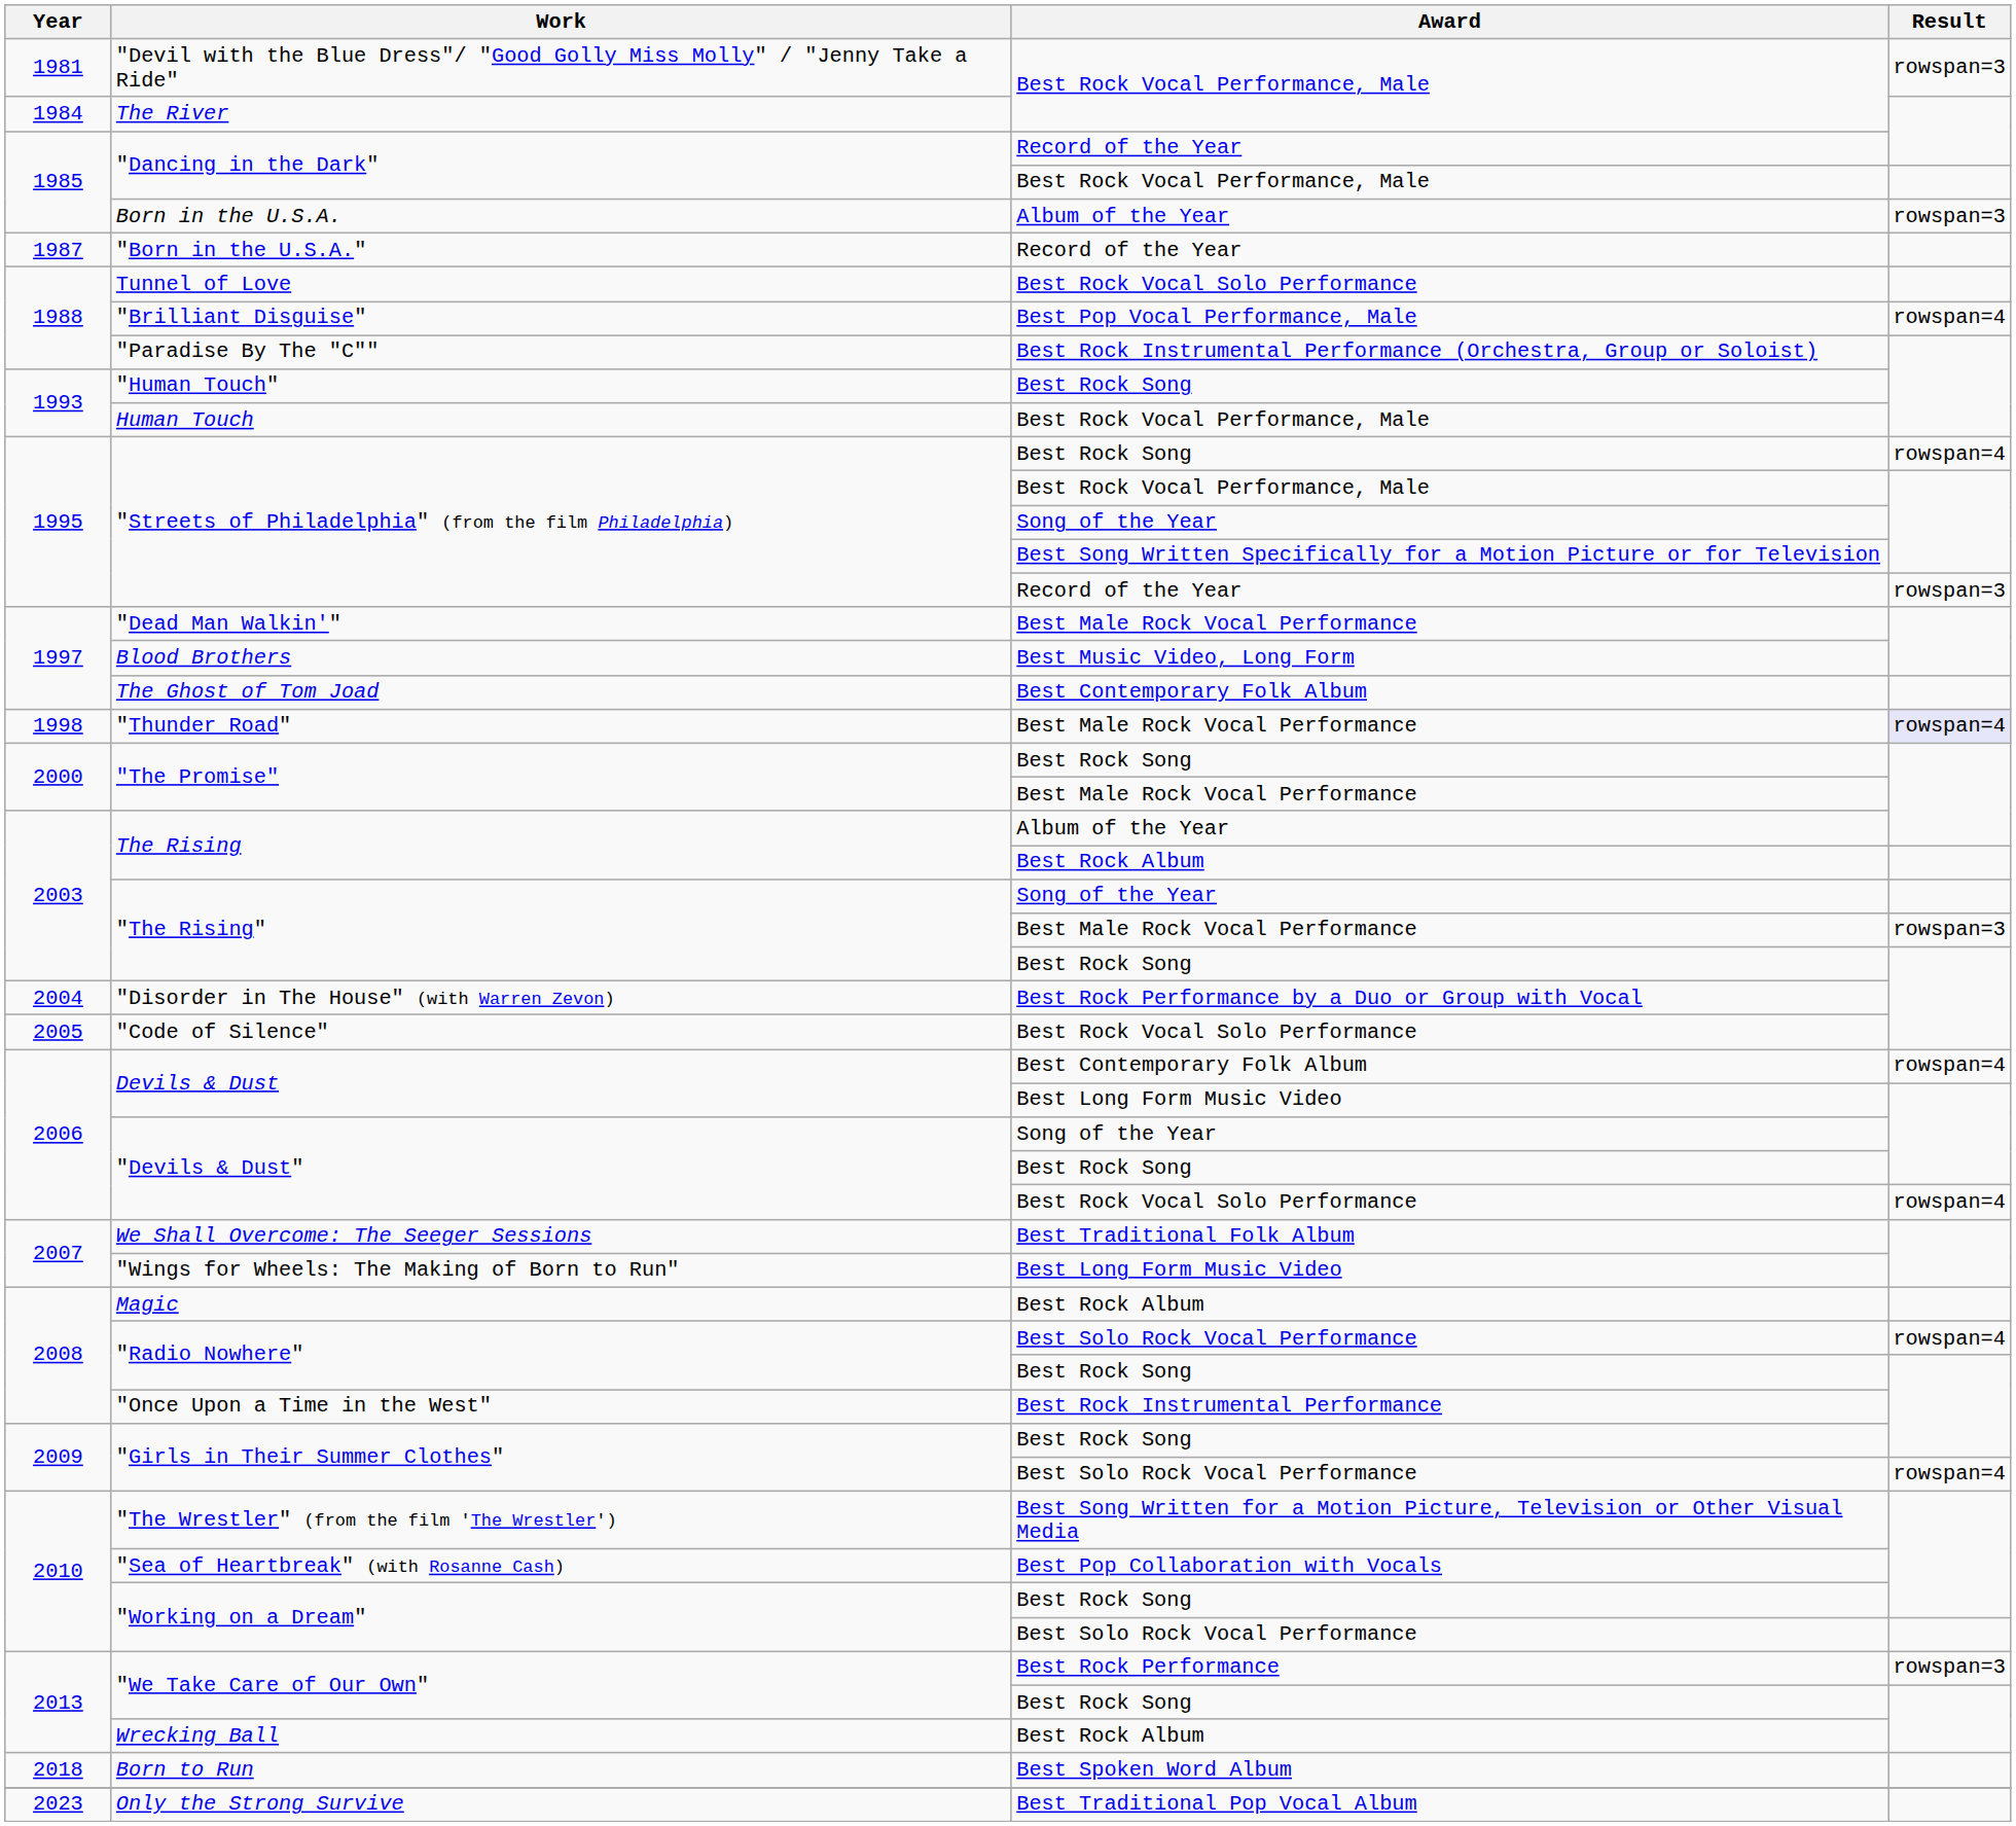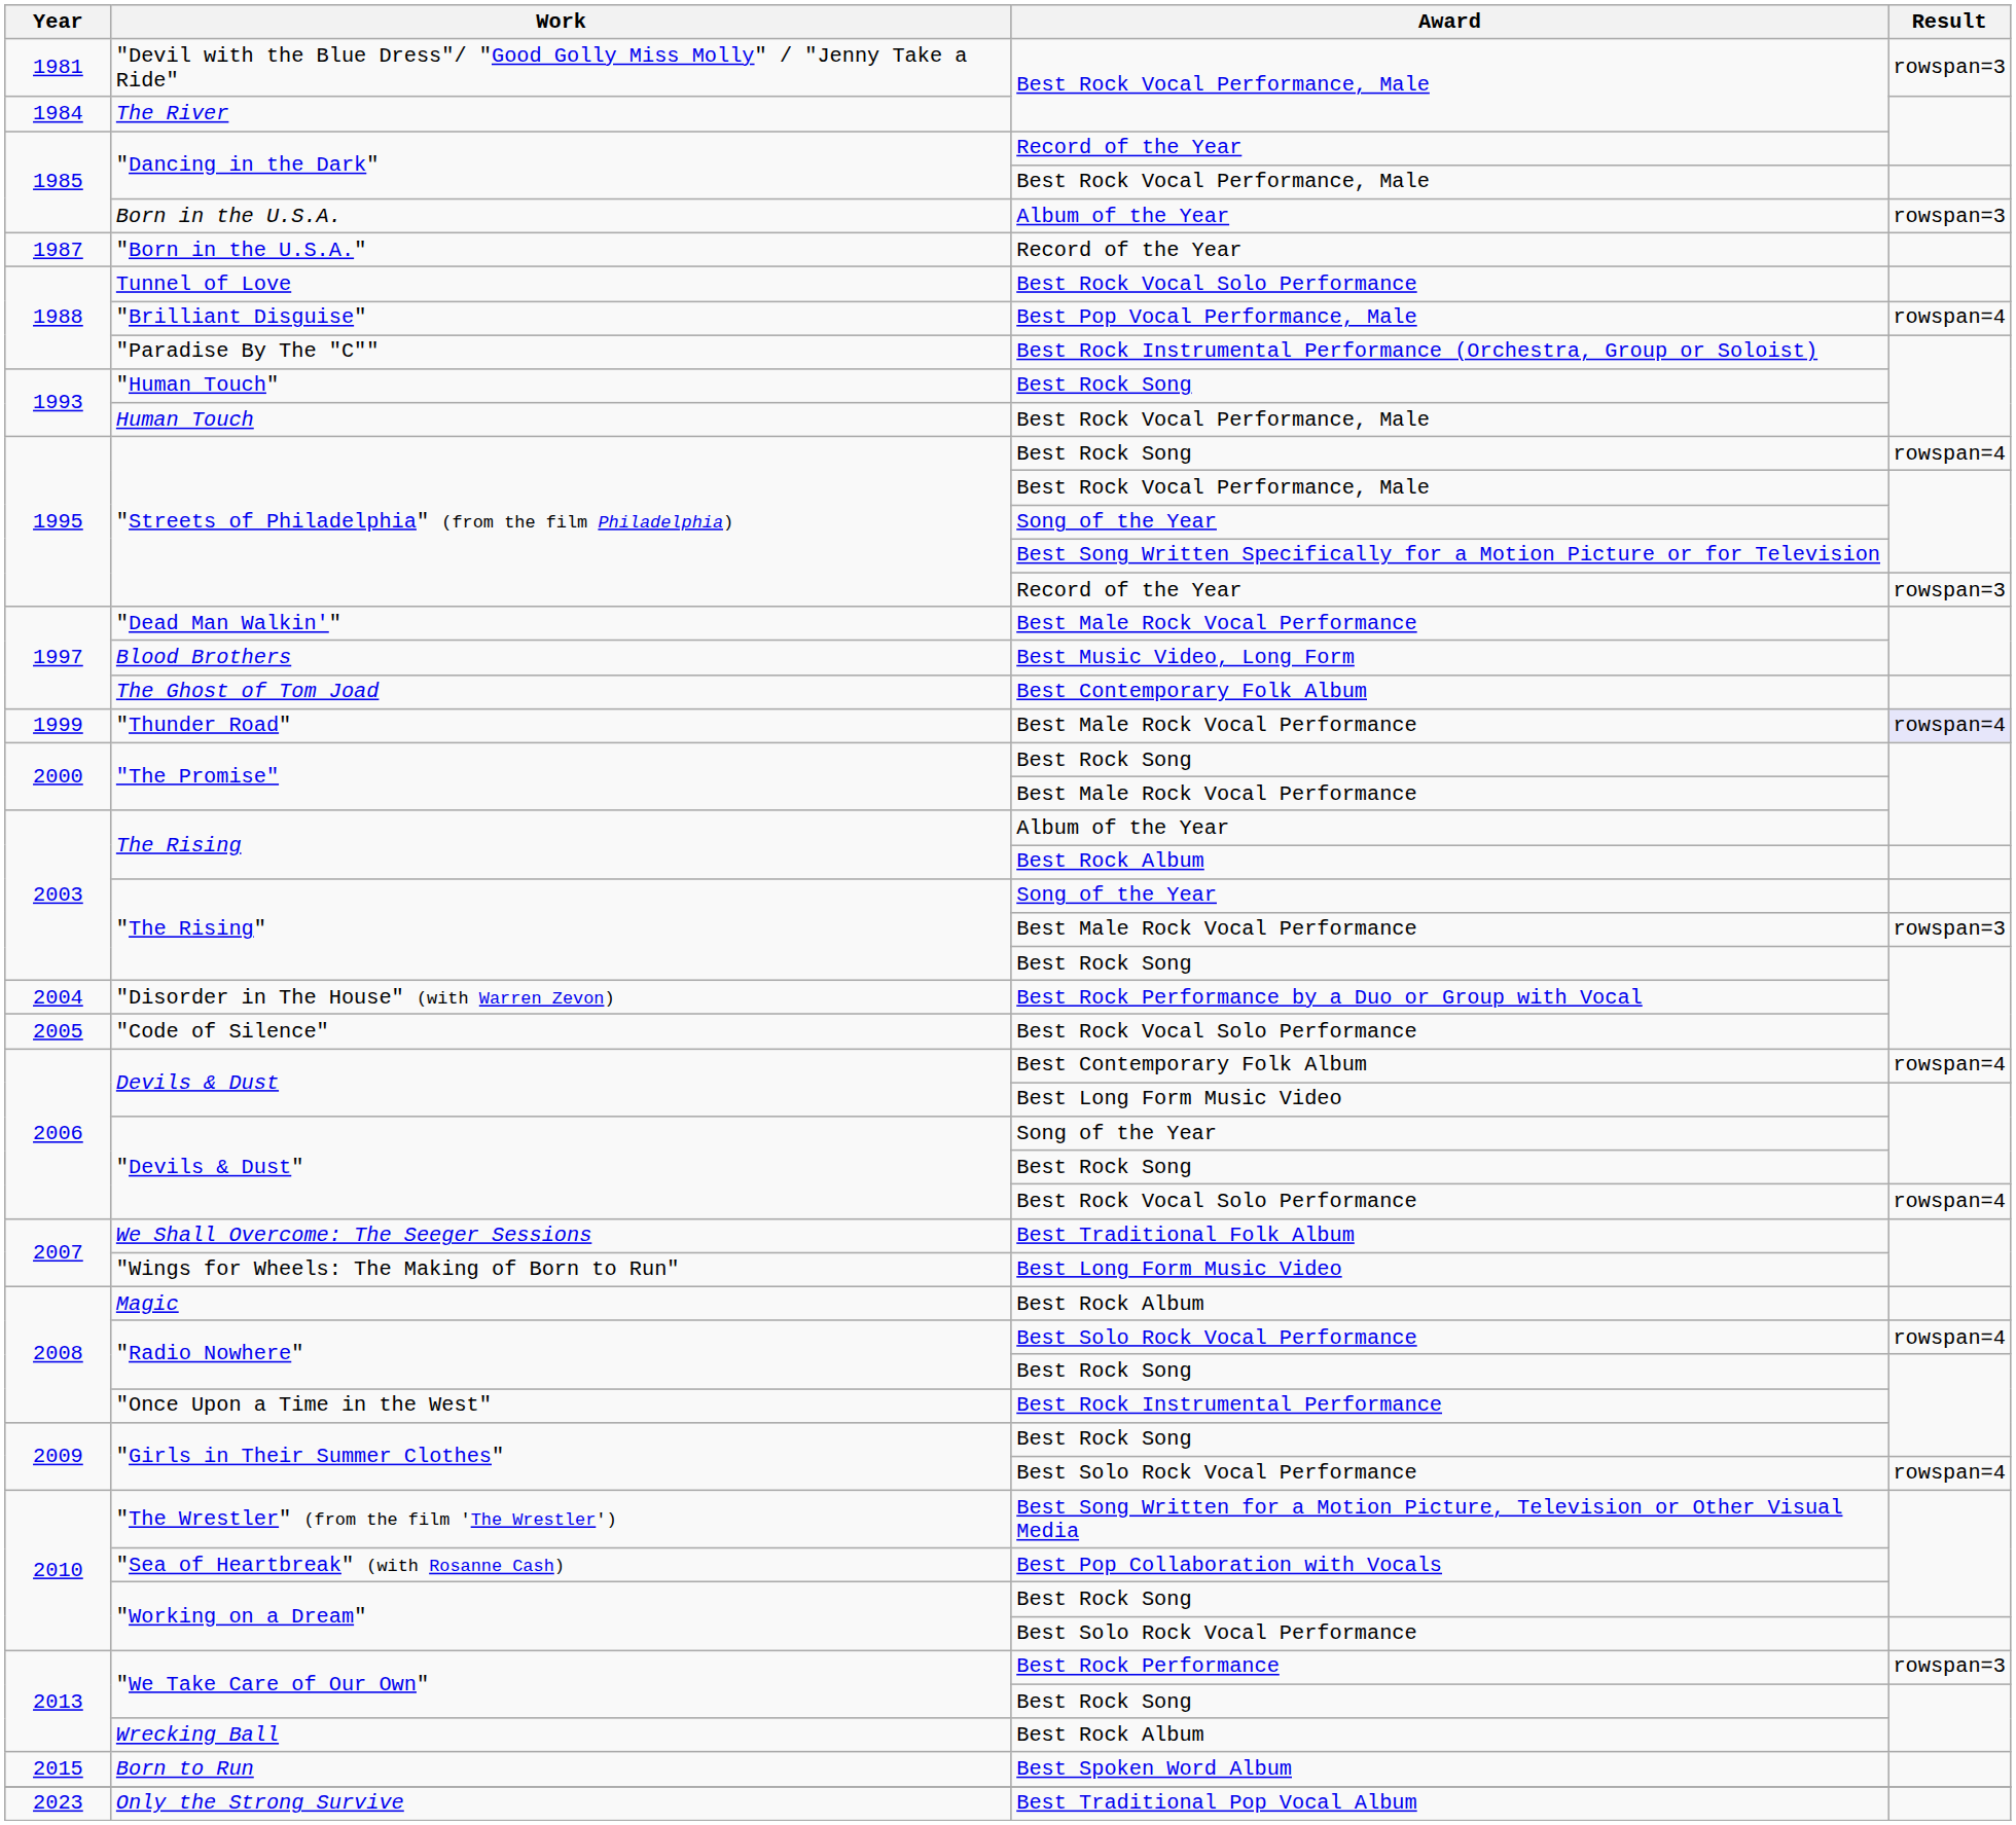 <table class="wikitable">
 <tr>
 <th style="width:60px;">Year</th>
 <th>Work</th>
 <th>Award</th>
 <th>Result</th>
 </tr>
 <tr>
 <td style="text-align:center;"><a href='#'>1981</a></td>
 <td>"Devil with the Blue Dress"/ "<a href='#'>Good Golly Miss Molly</a>" / "Jenny Take a Ride"</td>
 <td rowspan=2><a href='#'>Best Rock Vocal Performance, Male</a></td>
 <td>rowspan=3 </td>
 </tr>
 <tr>
 <td style="text-align:center;"><a href='#'>1984</a></td>
 <td><em><a href='#'>The River</a></em></td>
 </tr>
 <tr>
 <td style="text-align:center;" rowspan="3"><a href='#'>1985</a></td>
 <td rowspan=2>"<a href='#'>Dancing in the Dark</a>"</td>
 <td><a href='#'>Record of the Year</a></td>
 </tr>
 <tr>
 <td>Best Rock Vocal Performance, Male</td>
 <td></td>
 </tr>
 <tr>
 <td><em>Born in the U.S.A.</em></td>
 <td><a href='#'>Album of the Year</a></td>
 <td>rowspan=3 </td>
 </tr>
 <tr>
 <td style="text-align:center;"><a href='#'>1987</a></td>
 <td>"<a href='#'>Born in the U.S.A.</a>"</td>
 <td>Record of the Year</td>
 </tr>
 <tr>
 <td style="text-align:center;" rowspan="3"><a href='#'>1988</a></td>
 <td><a href='#'>Tunnel of Love</a></td>
 <td><a href='#'>Best Rock Vocal Solo Performance</a></td>
 <td></td>
 </tr>
 <tr>
 <td>"<a href='#'>Brilliant Disguise</a>"</td>
 <td><a href='#'>Best Pop Vocal Performance, Male</a></td>
 <td>rowspan=4 </td>
 </tr>
 <tr>
 <td>"Paradise By The "C""</td>
 <td><a href='#'>Best Rock Instrumental Performance (Orchestra, Group or Soloist)</a></td>
 </tr>
 <tr>
 <td style="text-align:center;" rowspan="2"><a href='#'>1993</a></td>
 <td>"<a href='#'>Human Touch</a>"</td>
 <td><a href='#'>Best Rock Song</a></td>
 </tr>
 <tr>
 <td><em><a href='#'>Human Touch</a></em></td>
 <td>Best Rock Vocal Performance, Male</td>
 </tr>
 <tr>
 <td style="text-align:center;" rowspan="5"><a href='#'>1995</a></td>
 <td rowspan=5>"<a href='#'>Streets of Philadelphia</a>" <small>(from the film <em><a href='#'>Philadelphia</a></em>)</small></td>
 <td>Best Rock Song</td>
 <td>rowspan=4 </td>
 </tr>
 <tr>
 <td>Best Rock Vocal Performance, Male</td>
 </tr>
 <tr>
 <td><a href='#'>Song of the Year</a></td>
 </tr>
 <tr>
 <td><a href='#'>Best Song Written Specifically for a Motion Picture or for Television</a></td>
 </tr>
 <tr>
 <td>Record of the Year</td>
 <td>rowspan=3 </td>
 </tr>
 <tr>
 <td style="text-align:center;" rowspan="3"><a href='#'>1997</a></td>
 <td>"<a href='#'>Dead Man Walkin'</a>"</td>
 <td><a href='#'>Best Male Rock Vocal Performance</a></td>
 </tr>
 <tr>
 <td><em><a href='#'>Blood Brothers</a></em></td>
 <td><a href='#'>Best Music Video, Long Form</a></td>
 </tr>
 <tr>
 <td><em><a href='#'>The Ghost of Tom Joad</a></em></td>
 <td><a href='#'>Best Contemporary Folk Album</a></td>
 <td></td>
 </tr>
 <tr>
-<td style="text-align:center;"><a href='#'>1998</a></td>
+<td style="text-align:center;"><a href='#'>1999</a></td>
 <td>"<a href='#'>Thunder Road</a>"</td>
 <td>Best Male Rock Vocal Performance</td>
 <td style="background: lavender;">rowspan=4 </td>
 </tr>
 <tr>
 <td style="text-align:center;" rowspan="2"><a href='#'>2000</a></td>
 <td rowspan=2><a href='#'>"The Promise"</a></td>
 <td>Best Rock Song</td>
 </tr>
 <tr>
 <td>Best Male Rock Vocal Performance</td>
 </tr>
 <tr>
 <td style="text-align:center;" rowspan="5"><a href='#'>2003</a></td>
 <td rowspan=2><em><a href='#'>The Rising</a></em></td>
 <td>Album of the Year</td>
 </tr>
 <tr>
 <td><a href='#'>Best Rock Album</a></td>
 <td></td>
 </tr>
 <tr>
 <td rowspan=3>"<a href='#'>The Rising</a>"</td>
 <td><a href='#'>Song of the Year</a></td>
 <td></td>
 </tr>
 <tr>
 <td>Best Male Rock Vocal Performance</td>
 <td>rowspan=3 </td>
 </tr>
 <tr>
 <td>Best Rock Song</td>
 </tr>
 <tr>
 <td style="text-align:center;"><a href='#'>2004</a></td>
 <td>"Disorder in The House" <small>(with <a href='#'>Warren Zevon</a>)</small></td>
 <td><a href='#'>Best Rock Performance by a Duo or Group with Vocal</a></td>
 </tr>
 <tr>
 <td style="text-align:center;"><a href='#'>2005</a></td>
 <td>"Code of Silence"</td>
 <td>Best Rock Vocal Solo Performance</td>
 </tr>
 <tr>
 <td style="text-align:center;" rowspan="5"><a href='#'>2006</a></td>
 <td rowspan=2><em><a href='#'>Devils & Dust</a></em></td>
 <td>Best Contemporary Folk Album</td>
 <td>rowspan=4 </td>
 </tr>
 <tr>
 <td>Best Long Form Music Video</td>
 </tr>
 <tr>
 <td rowspan=3>"<a href='#'>Devils & Dust</a>"</td>
 <td>Song of the Year</td>
 </tr>
 <tr>
 <td>Best Rock Song</td>
 </tr>
 <tr>
 <td>Best Rock Vocal Solo Performance</td>
 <td>rowspan=4 </td>
 </tr>
 <tr>
 <td style="text-align:center;" rowspan="2"><a href='#'>2007</a></td>
 <td><em><a href='#'>We Shall Overcome: The Seeger Sessions</a></em></td>
 <td><a href='#'>Best Traditional Folk Album</a></td>
 </tr>
 <tr>
 <td>"Wings for Wheels: The Making of Born to Run"</td>
 <td><a href='#'>Best Long Form Music Video</a></td>
 </tr>
 <tr>
 <td style="text-align:center;" rowspan="4"><a href='#'>2008</a></td>
 <td><em><a href='#'>Magic</a></em></td>
 <td>Best Rock Album</td>
 <td></td>
 </tr>
 <tr>
 <td rowspan=2>"<a href='#'>Radio Nowhere</a>"</td>
 <td><a href='#'>Best Solo Rock Vocal Performance</a></td>
 <td>rowspan=4 </td>
 </tr>
 <tr>
 <td>Best Rock Song</td>
 </tr>
 <tr>
 <td>"Once Upon a Time in the West"</td>
 <td><a href='#'>Best Rock Instrumental Performance</a></td>
 </tr>
 <tr>
 <td style="text-align:center;" rowspan="2"><a href='#'>2009</a></td>
 <td rowspan=2>"<a href='#'>Girls in Their Summer Clothes</a>"</td>
 <td>Best Rock Song</td>
 </tr>
 <tr>
 <td>Best Solo Rock Vocal Performance</td>
 <td>rowspan=4 </td>
 </tr>
 <tr>
 <td style="text-align:center;" rowspan="4"><a href='#'>2010</a></td>
 <td>"<a href='#'>The Wrestler</a>" <small>(from the film '<a href='#'>The Wrestler</a>')</small></td>
 <td><a href='#'>Best Song Written for a Motion Picture, Television or Other Visual Media</a></td>
 </tr>
 <tr>
 <td>"<a href='#'>Sea of Heartbreak</a>" <small>(with <a href='#'>Rosanne Cash</a>)</small></td>
 <td><a href='#'>Best Pop Collaboration with Vocals</a></td>
 </tr>
 <tr>
 <td rowspan=2>"<a href='#'>Working on a Dream</a>"</td>
 <td>Best Rock Song</td>
 </tr>
 <tr>
 <td>Best Solo Rock Vocal Performance</td>
 <td></td>
 </tr>
 <tr>
 <td style="text-align:center;" rowspan="3"><a href='#'>2013</a></td>
 <td rowspan=2>"<a href='#'>We Take Care of Our Own</a>"</td>
 <td><a href='#'>Best Rock Performance</a></td>
 <td>rowspan=3 </td>
 </tr>
 <tr>
 <td>Best Rock Song</td>
 </tr>
 <tr>
 <td><em><a href='#'>Wrecking Ball</a></em></td>
 <td>Best Rock Album</td>
 </tr>
 <tr>
-<td style="text-align:center;" rowspan="1"><a href='#'>2018</a></td>
+<td style="text-align:center;" rowspan="1"><a href='#'>2015</a></td>
 <td><em><a href='#'>Born to Run</a></em></td>
 <td><a href='#'>Best Spoken Word Album</a></td>
 <td></td>
 </tr>
 <tr>
 </tr>
 <tr>
 <td style="text-align:center;" rowspan="1"><a href='#'>2023</a></td>
 <td><em><a href='#'>Only the Strong Survive</a></em></td>
 <td><a href='#'>Best Traditional Pop Vocal Album</a></td>
 <td></td>
 </tr>
 <tr>
 </tr>
 </table>
